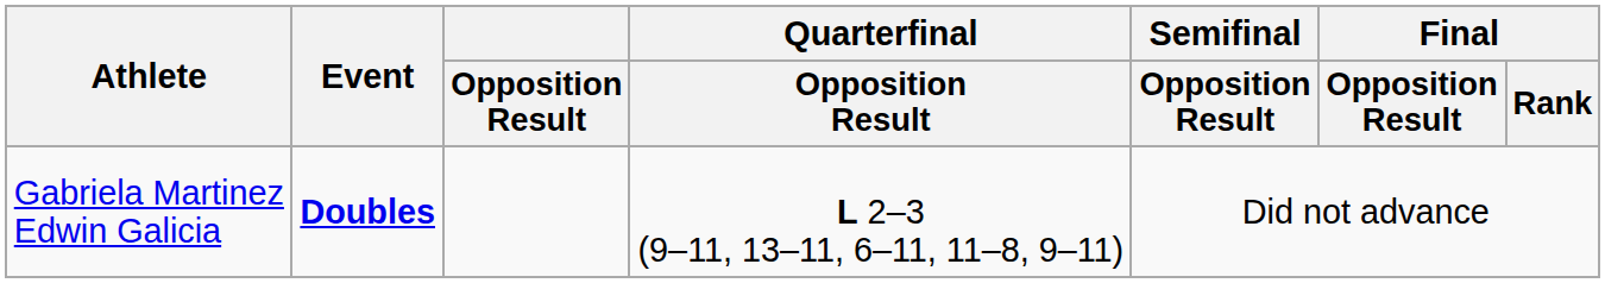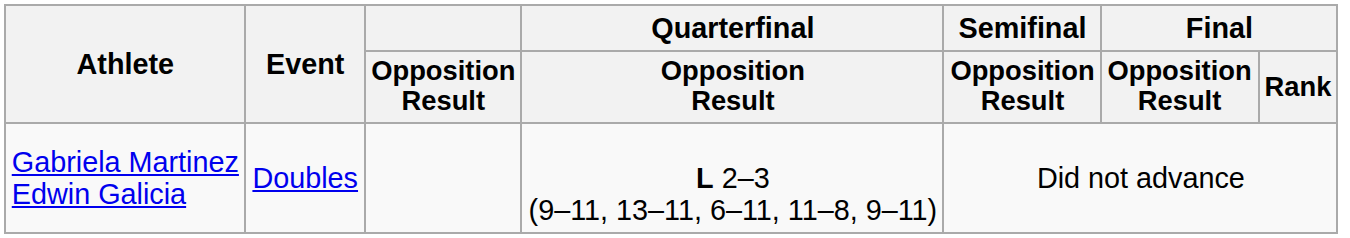 <table class=wikitable style=font-size:90%;text-align:center>
 <tr>
 <th rowspan=2>Athlete</th>
 <th rowspan=2>Event</th>
 <th></th>
 <th>Quarterfinal</th>
 <th>Semifinal</th>
 <th colspan=2>Final</th>
 </tr>
 <tr style=font-size:95%>
 <th>Opposition<br>Result</th>
 <th>Opposition<br>Result</th>
 <th>Opposition<br>Result</th>
 <th>Opposition<br>Result</th>
 <th>Rank</th>
 </tr>
 <tr>
 <td align=left><a href='#'>Gabriela Martinez</a><br><a href='#'>Edwin Galicia</a></td>
-<td align=left><strong><a href='#'>Doubles</a></strong></td>
+<td align=left><a href='#'>Doubles</a></td>
 <td></td>
 <td><br><strong>L</strong> 2–3<br>(9–11, 13–11, 6–11, 11–8, 9–11)</td>
 <td colspan=3>Did not advance</td>
 </tr>
 </table>
